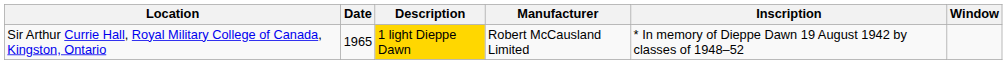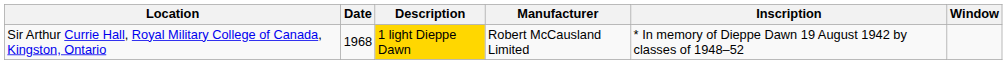 <table class="wikitable">
 <tr>
 <th>Location</th>
 <th>Date</th>
 <th>Description</th>
 <th>Manufacturer</th>
 <th>Inscription</th>
 <th>Window</th>
 </tr>
 <tr>
 <td>Sir Arthur <a href='#'>Currie Hall</a>, <a href='#'>Royal Military College of Canada</a>, <a href='#'>Kingston, Ontario</a></td>
-<td>1965</td>
+<td>1968</td>
 <td style="background: gold;">1 light Dieppe Dawn</td>
 <td>Robert McCausland Limited</td>
 <td>* In memory of Dieppe Dawn 19 August 1942 by classes of 1948–52</td>
 <td></td>
 </tr>
 </table>
